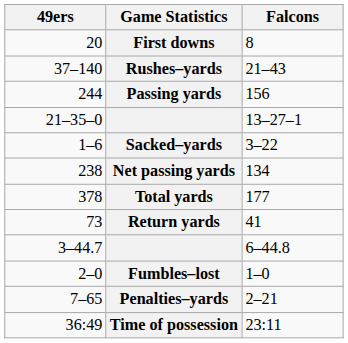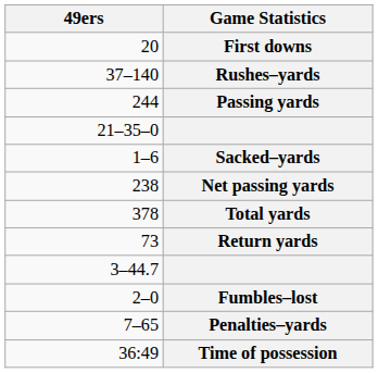 <table class="wikitable" style="margin: 1em auto 1em auto">
 <tr>
 <th style="width:30%;">49ers</th>
 <th style="width:40%;">Game Statistics</th>
-<th style="width:30%;">Falcons</th>
 </tr>
 <tr>
 <td style="text-align:right;">20</td>
 <th>First downs</th>
-<td>8</td>
 </tr>
 <tr>
 <td style="text-align:right;">37–140</td>
 <th>Rushes–yards</th>
-<td>21–43</td>
 </tr>
 <tr>
 <td style="text-align:right;">244</td>
 <th>Passing yards</th>
-<td>156</td>
 </tr>
 <tr>
 <td style="text-align:right;">21–35–0</td>
 <th></th>
-<td>13–27–1</td>
 </tr>
 <tr>
 <td style="text-align:right;">1–6</td>
 <th>Sacked–yards</th>
-<td>3–22</td>
 </tr>
 <tr>
 <td style="text-align:right;">238</td>
 <th>Net passing yards</th>
-<td>134</td>
 </tr>
 <tr>
 <td style="text-align:right;">378</td>
 <th>Total yards</th>
-<td>177</td>
 </tr>
 <tr>
 <td style="text-align:right;">73</td>
 <th>Return yards</th>
-<td>41</td>
 </tr>
 <tr>
 <td style="text-align:right;">3–44.7</td>
 <th></th>
-<td>6–44.8</td>
 </tr>
 <tr>
 <td style="text-align:right;">2–0</td>
 <th>Fumbles–lost</th>
-<td>1–0</td>
 </tr>
 <tr>
 <td style="text-align:right;">7–65</td>
 <th>Penalties–yards</th>
-<td>2–21</td>
 </tr>
 <tr>
 <td style="text-align:right;">36:49</td>
 <th>Time of possession</th>
-<td>23:11</td>
 </tr>
 </table>
